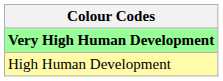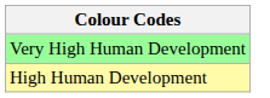 <table class="wikitable">
 <tr>
 <th>Colour Codes</th>
 </tr>
 <tr bgcolor="#99ff99">
-<td><strong>Very High Human Development</strong></td>
+<td>Very High Human Development</td>
 </tr>
 <tr bgcolor="#FFFBA8">
 <td>High Human Development</td>
 </tr>
 </table>
